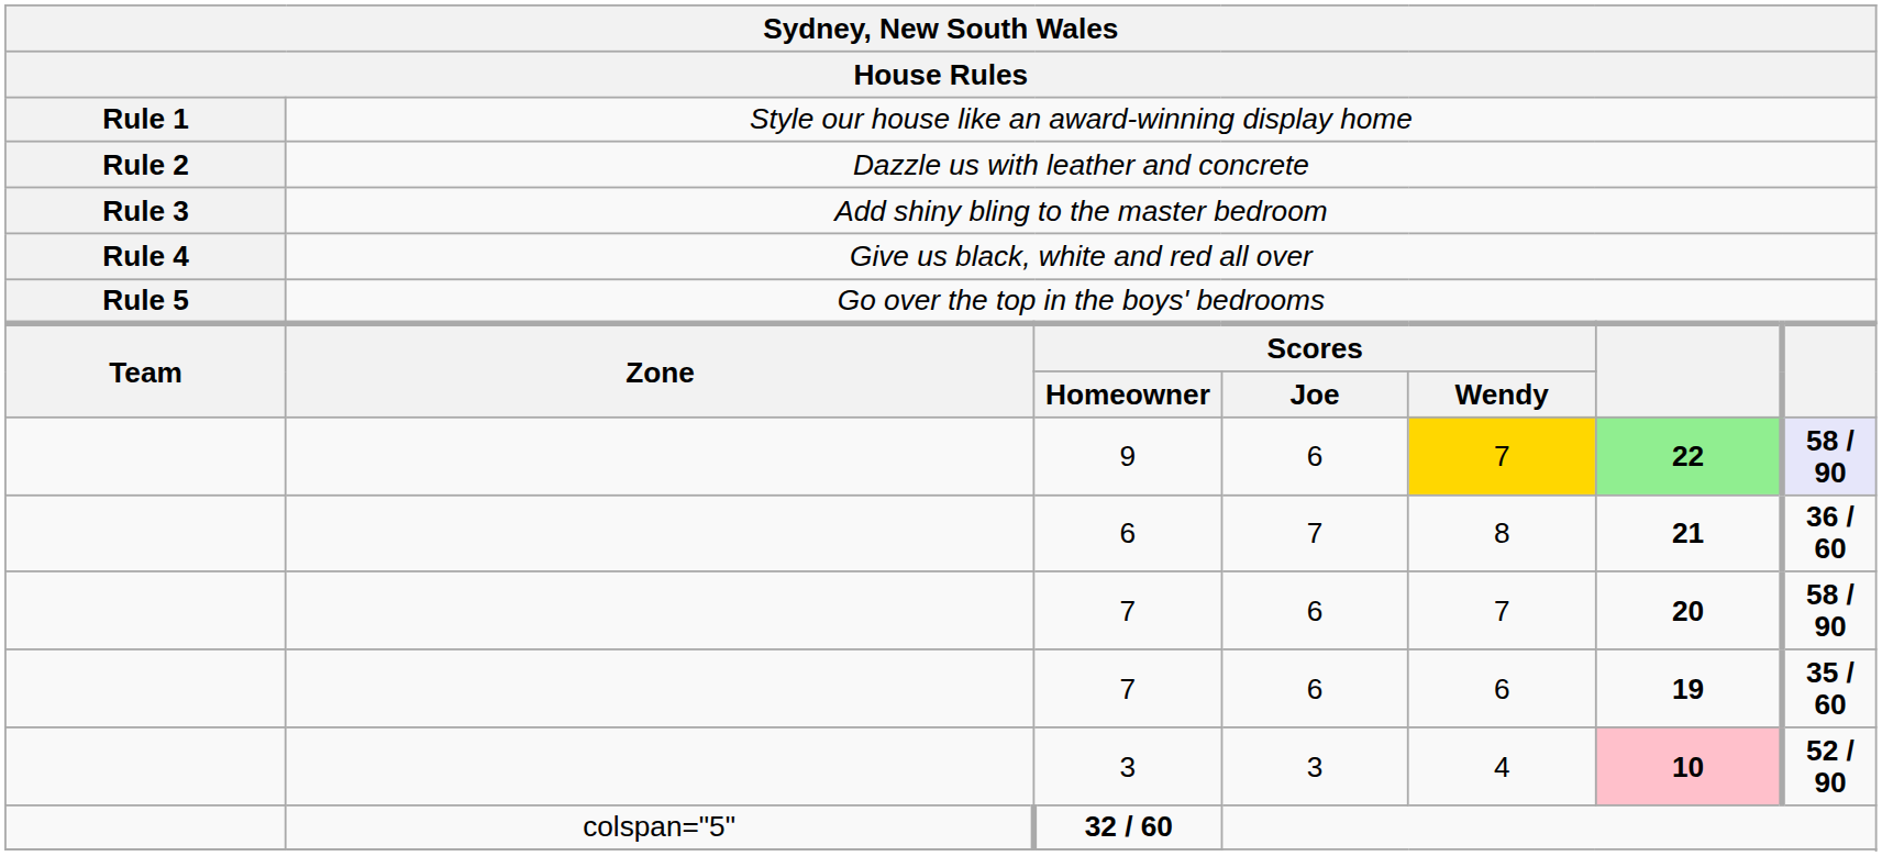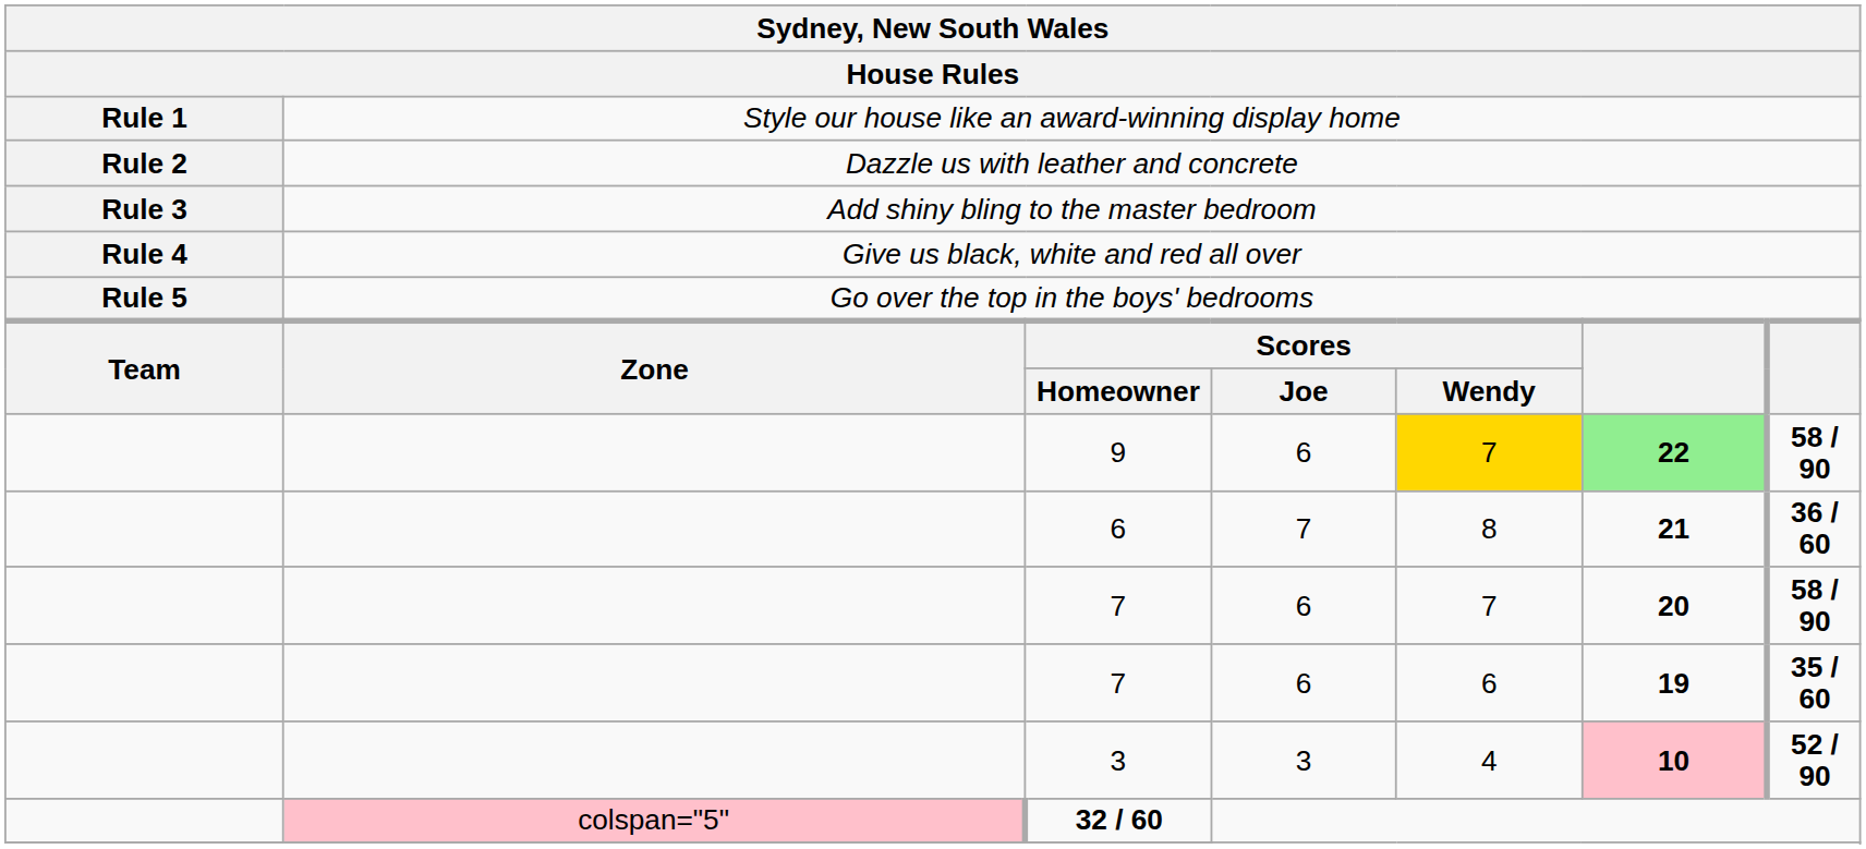 <table class="wikitable plainrowheaders" style="text-align:center; font-size:90%; width:65em;">
 <tr>
 <th colspan="7" >Sydney, New South Wales</th>
 </tr>
 <tr>
 <th colspan="7">House Rules</th>
 </tr>
 <tr>
 <th>Rule 1</th>
 <td colspan="6"><em>Style our house like an award-winning display home</em></td>
 </tr>
 <tr>
 <th>Rule 2</th>
 <td colspan="6"><em>Dazzle us with leather and concrete</em></td>
 </tr>
 <tr>
 <th>Rule 3</th>
 <td colspan="6"><em>Add shiny bling to the master bedroom</em></td>
 </tr>
 <tr>
 <th>Rule 4</th>
 <td colspan="6"><em>Give us black, white and red all over</em></td>
 </tr>
 <tr>
 <th>Rule 5</th>
 <td colspan="6"><em>Go over the top in the boys' bedrooms</em></td>
 </tr>
 <tr>
 </tr>
 <tr style="border-top:3px solid #aaa;">
 <th rowspan="2">Team</th>
 <th rowspan="2" style="width:40%;">Zone</th>
 <th colspan="3" style="width:40%;">Scores</th>
 <th rowspan="2" style="width:10%;"></th>
 <th rowspan="2" style="width:10%; border-left:3px solid #aaa;"></th>
 </tr>
 <tr>
 <th style="width:10%;">Homeowner</th>
 <th style="width:10%;">Joe</th>
 <th style="width:10%;">Wendy</th>
 </tr>
 <tr>
 <td style="width:15%;"></td>
 <td></td>
 <td>9</td>
 <td>6</td>
 <td style="background: gold;">7</td>
 <td bgcolor="lightgreen"><strong>22</strong></td>
-<td style="background: lavender; border-left:3px solid #aaa;"><strong>58 / 90</strong></td>
+<td style="border-left:3px solid #aaa;"><strong>58 / 90</strong></td>
 </tr>
 <tr>
 <td style="width:15%;"></td>
 <td></td>
 <td>6</td>
 <td>7</td>
 <td>8</td>
 <td><strong>21</strong></td>
 <td style="border-left:3px solid #aaa;"><strong>36 / 60</strong></td>
 </tr>
 <tr>
 <td style="width:15%;"></td>
 <td></td>
 <td>7</td>
 <td>6</td>
 <td>7</td>
 <td><strong>20</strong></td>
 <td style="border-left:3px solid #aaa;"><strong>58 / 90</strong></td>
 </tr>
 <tr>
 <td style="width:15%;"></td>
 <td></td>
 <td>7</td>
 <td>6</td>
 <td>6</td>
 <td><strong>19</strong></td>
 <td style="border-left:3px solid #aaa;"><strong>35 / 60</strong></td>
 </tr>
 <tr>
 <td style="width:15%;"></td>
 <td></td>
 <td>3</td>
 <td>3</td>
 <td>4</td>
 <td bgcolor="pink"><strong>10</strong></td>
 <td style="border-left:3px solid #aaa;"><strong>52 / 90</strong></td>
 </tr>
 <tr>
 <td style="width:15%;"></td>
-<td>colspan="5" </td>
+<td style="background: pink;">colspan="5" </td>
 <td style="border-left:3px solid #aaa;"><strong>32 / 60</strong></td>
 </tr>
 <tr>
 </tr>
 </table>
